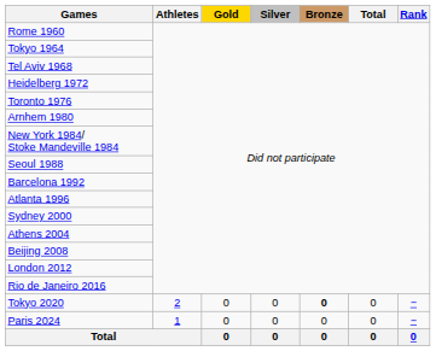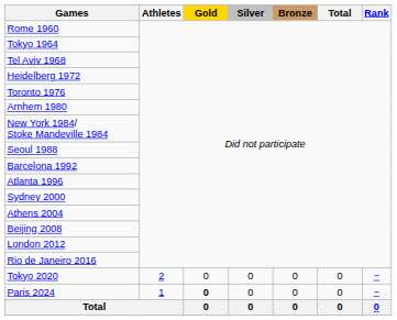 <table class="wikitable" style="text-align:center; font-size:90%;">
 <tr>
 <th style="width:13em;">Games</th>
 <th style="width:4em;">Athletes</th>
 <th style="width:4em; background:gold;">Gold</th>
 <th style="width:4em; background:silver;">Silver</th>
 <th style="width:4em; background:#cc9966;">Bronze</th>
 <th style="width:4em;">Total</th>
 <th style="width:2em;"><a href='#'>Rank</a></th>
 </tr>
 <tr>
 <td align=left> <a href='#'>Rome 1960</a></td>
 <td colspan=6 rowspan=15><em>Did not participate</em></td>
 </tr>
 <tr>
 <td align=left> <a href='#'>Tokyo 1964</a></td>
 </tr>
 <tr>
 <td align=left> <a href='#'>Tel Aviv 1968</a></td>
 </tr>
 <tr>
 <td align=left> <a href='#'>Heidelberg 1972</a></td>
 </tr>
 <tr>
 <td align=left> <a href='#'>Toronto 1976</a></td>
 </tr>
 <tr>
 <td align=left> <a href='#'>Arnhem 1980</a></td>
 </tr>
 <tr>
 <td align=left> <a href='#'>New York 1984</a>/<br>  <a href='#'>Stoke Mandeville 1984</a></td>
 </tr>
 <tr>
 <td align=left> <a href='#'>Seoul 1988</a></td>
 </tr>
 <tr>
 <td align=left> <a href='#'>Barcelona 1992</a></td>
 </tr>
 <tr>
 <td align=left> <a href='#'>Atlanta 1996</a></td>
 </tr>
 <tr>
 <td align=left> <a href='#'>Sydney 2000</a></td>
 </tr>
 <tr>
 <td align=left> <a href='#'>Athens 2004</a></td>
 </tr>
 <tr>
 <td align=left> <a href='#'>Beijing 2008</a></td>
 </tr>
 <tr>
 <td align=left> <a href='#'>London 2012</a></td>
 </tr>
 <tr>
 <td align=left> <a href='#'>Rio de Janeiro 2016</a></td>
 </tr>
 <tr>
 <td align=left> <a href='#'>Tokyo 2020</a></td>
 <td><a href='#'>2</a></td>
 <td>0</td>
 <td>0</td>
-<td><strong>0</strong></td>
+<td>0</td>
 <td>0</td>
 <td><a href='#'>−</a></td>
 </tr>
 <tr>
 <td align=left> <a href='#'>Paris 2024</a></td>
 <td><a href='#'>1</a></td>
-<td>0</td>
+<td><strong>0</strong></td>
 <td>0</td>
 <td>0</td>
 <td>0</td>
 <td><a href='#'>−</a></td>
 </tr>
 <tr>
 <th colspan=2>Total</th>
 <th>0</th>
 <th>0</th>
 <th>0</th>
 <th>0</th>
 <th><a href='#'>0</a></th>
 </tr>
 </table>
